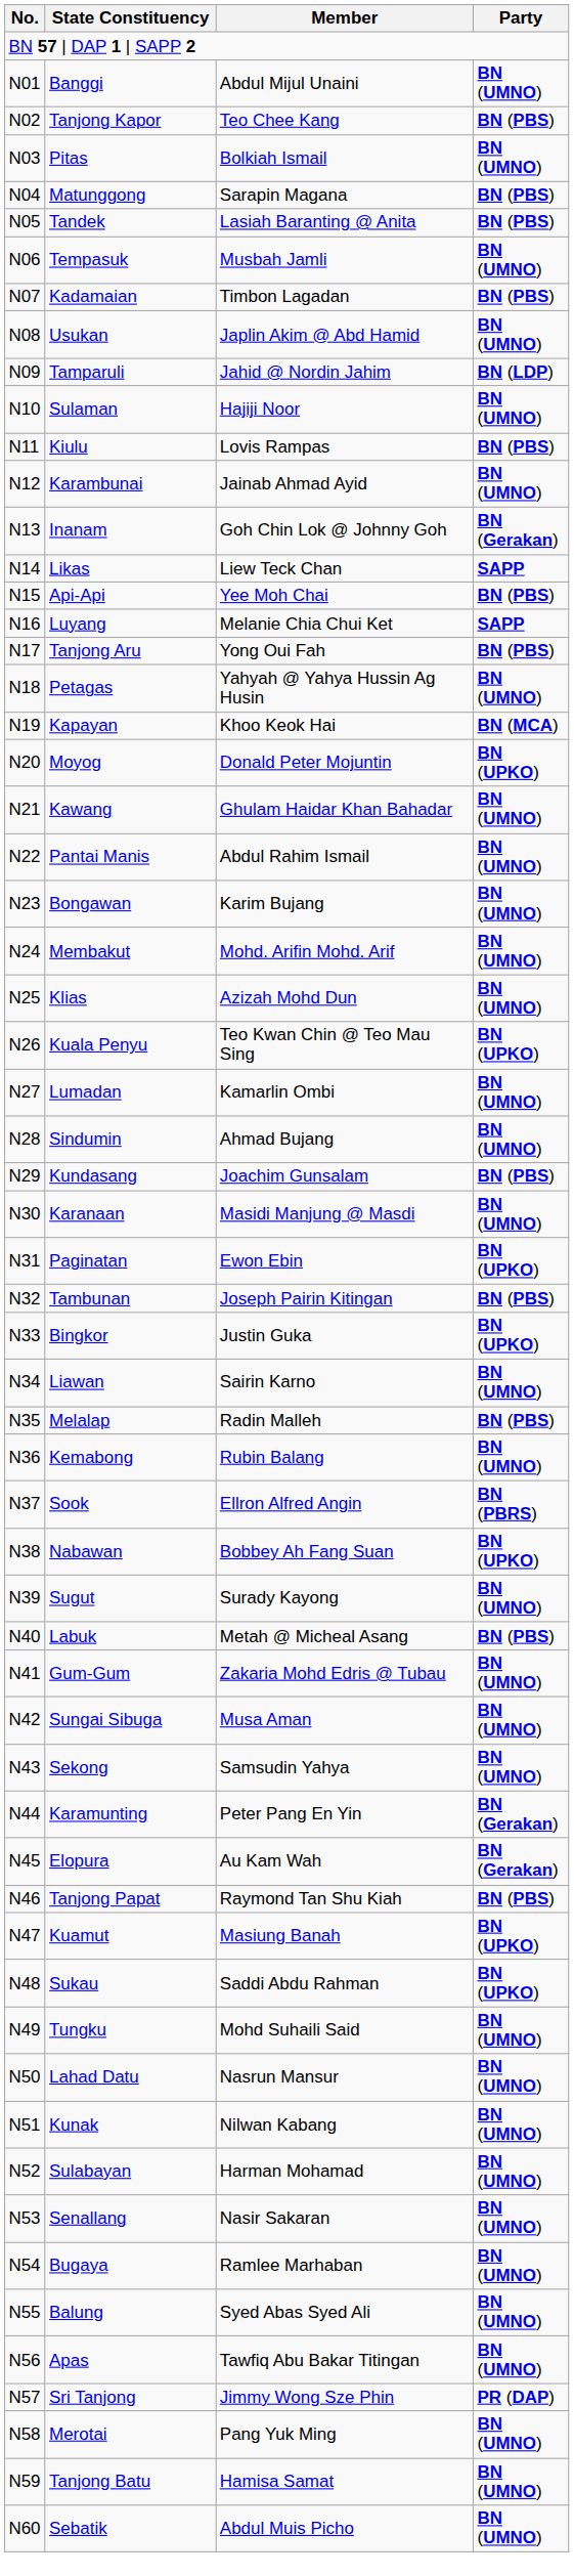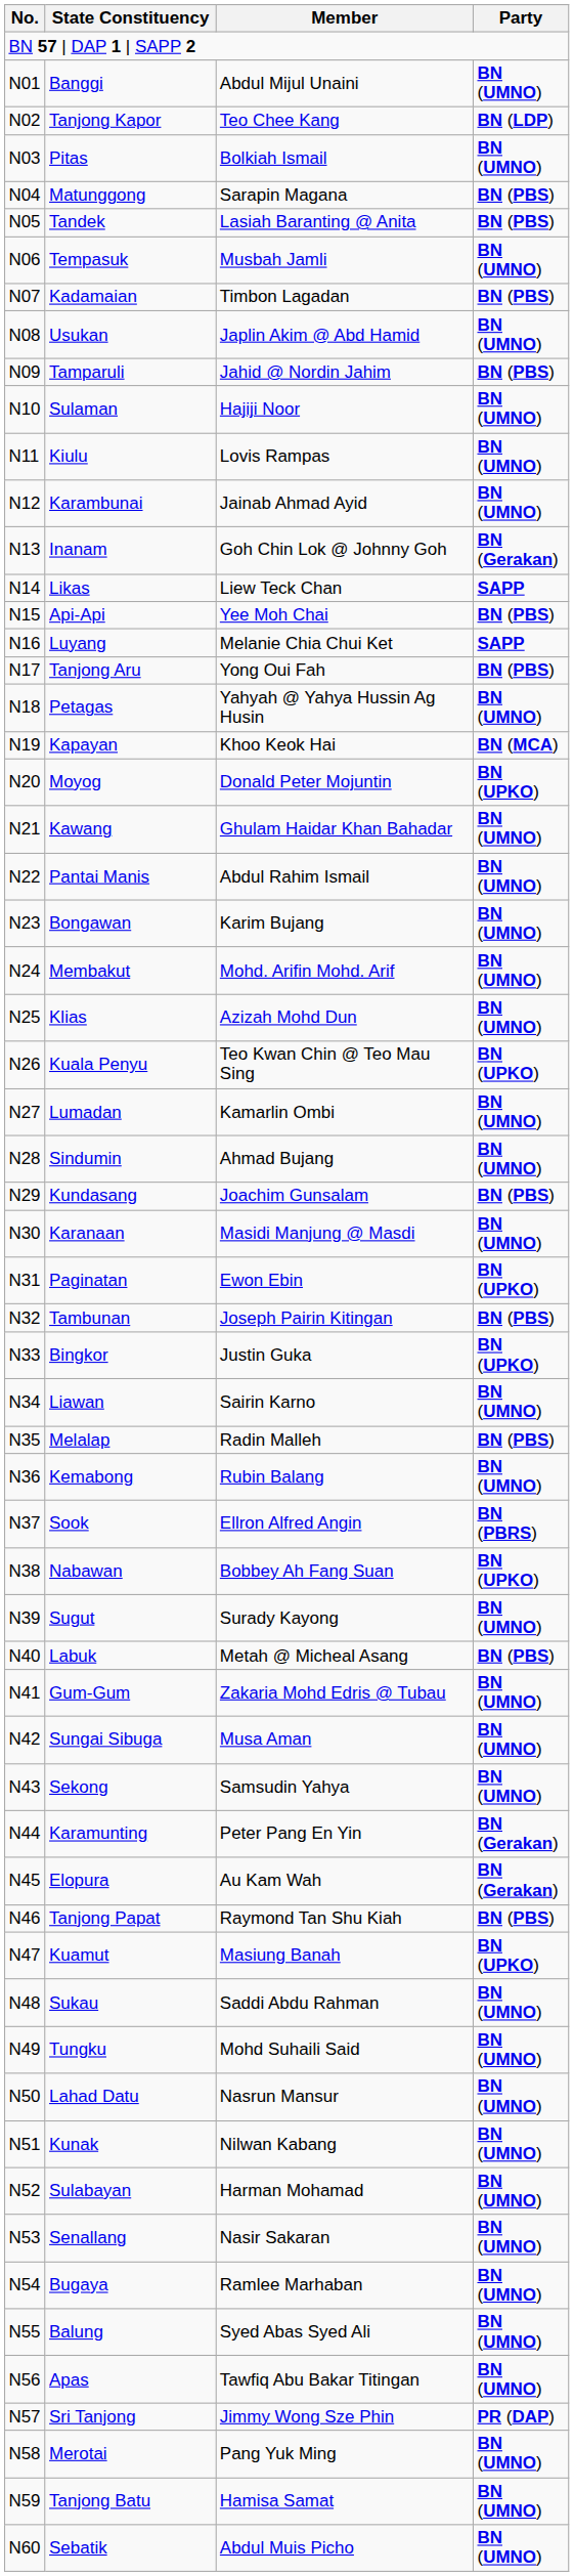 <table class="wikitable sortable">
 <tr>
 <th style="width:30px;">No.</th>
 <th style="width:150px;">State Constituency</th>
 <th style="width:230px;">Member</th>
 <th style="width:80px;">Party</th>
 </tr>
 <tr>
 <td colspan="4"><a href='#'>BN</a> <strong>57</strong> | <a href='#'>DAP</a> <strong>1</strong> | <a href='#'>SAPP</a> <strong>2</strong></td>
 </tr>
 <tr>
 <td>N01</td>
 <td><a href='#'>Banggi</a></td>
 <td>Abdul Mijul Unaini</td>
 <td><strong><a href='#'>BN</a></strong> (<strong><a href='#'>UMNO</a></strong>)</td>
 </tr>
 <tr>
 <td>N02</td>
 <td><a href='#'>Tanjong Kapor</a></td>
 <td><a href='#'>Teo Chee Kang</a></td>
-<td><strong><a href='#'>BN</a></strong> (<strong><a href='#'>PBS</a></strong>)</td>
+<td><strong><a href='#'>BN</a></strong> (<strong><a href='#'>LDP</a></strong>)</td>
 </tr>
 <tr>
 <td>N03</td>
 <td><a href='#'>Pitas</a></td>
 <td><a href='#'>Bolkiah Ismail</a></td>
 <td><strong><a href='#'>BN</a></strong> (<strong><a href='#'>UMNO</a></strong>)</td>
 </tr>
 <tr>
 <td>N04</td>
 <td><a href='#'>Matunggong</a></td>
 <td>Sarapin Magana</td>
 <td><strong><a href='#'>BN</a></strong> (<strong><a href='#'>PBS</a></strong>)</td>
 </tr>
 <tr>
 <td>N05</td>
 <td><a href='#'>Tandek</a></td>
 <td><a href='#'>Lasiah Baranting @ Anita</a></td>
 <td><strong><a href='#'>BN</a></strong> (<strong><a href='#'>PBS</a></strong>)</td>
 </tr>
 <tr>
 <td>N06</td>
 <td><a href='#'>Tempasuk</a></td>
 <td><a href='#'>Musbah Jamli</a></td>
 <td><strong><a href='#'>BN</a></strong> (<strong><a href='#'>UMNO</a></strong>)</td>
 </tr>
 <tr>
 <td>N07</td>
 <td><a href='#'>Kadamaian</a></td>
 <td>Timbon Lagadan</td>
 <td><strong><a href='#'>BN</a></strong> (<strong><a href='#'>PBS</a></strong>)</td>
 </tr>
 <tr>
 <td>N08</td>
 <td><a href='#'>Usukan</a></td>
 <td><a href='#'>Japlin Akim @ Abd Hamid</a></td>
 <td><strong><a href='#'>BN</a></strong> (<strong><a href='#'>UMNO</a></strong>)</td>
 </tr>
 <tr>
 <td>N09</td>
 <td><a href='#'>Tamparuli</a></td>
 <td><a href='#'>Jahid @ Nordin Jahim</a></td>
-<td><strong><a href='#'>BN</a></strong> (<strong><a href='#'>LDP</a></strong>)</td>
+<td><strong><a href='#'>BN</a></strong> (<strong><a href='#'>PBS</a></strong>)</td>
 </tr>
 <tr>
 <td>N10</td>
 <td><a href='#'>Sulaman</a></td>
 <td><a href='#'>Hajiji Noor</a></td>
 <td><strong><a href='#'>BN</a></strong> (<strong><a href='#'>UMNO</a></strong>)</td>
 </tr>
 <tr>
 <td>N11</td>
 <td><a href='#'>Kiulu</a></td>
 <td>Lovis Rampas</td>
-<td><strong><a href='#'>BN</a></strong> (<strong><a href='#'>PBS</a></strong>)</td>
+<td><strong><a href='#'>BN</a></strong> (<strong><a href='#'>UMNO</a></strong>)</td>
 </tr>
 <tr>
 <td>N12</td>
 <td><a href='#'>Karambunai</a></td>
 <td>Jainab Ahmad Ayid</td>
 <td><strong><a href='#'>BN</a></strong> (<strong><a href='#'>UMNO</a></strong>)</td>
 </tr>
 <tr>
 <td>N13</td>
 <td><a href='#'>Inanam</a></td>
 <td>Goh Chin Lok @ Johnny Goh</td>
 <td><strong><a href='#'>BN</a></strong> (<strong><a href='#'>Gerakan</a></strong>)</td>
 </tr>
 <tr>
 <td>N14</td>
 <td><a href='#'>Likas</a></td>
 <td>Liew Teck Chan</td>
 <td><strong><a href='#'>SAPP</a></strong></td>
 </tr>
 <tr>
 <td>N15</td>
 <td><a href='#'>Api-Api</a></td>
 <td><a href='#'>Yee Moh Chai</a></td>
 <td><strong><a href='#'>BN</a></strong> (<strong><a href='#'>PBS</a></strong>)</td>
 </tr>
 <tr>
 <td>N16</td>
 <td><a href='#'>Luyang</a></td>
 <td>Melanie Chia Chui Ket</td>
 <td><strong><a href='#'>SAPP</a></strong></td>
 </tr>
 <tr>
 <td>N17</td>
 <td><a href='#'>Tanjong Aru</a></td>
 <td>Yong Oui Fah</td>
 <td><strong><a href='#'>BN</a></strong> (<strong><a href='#'>PBS</a></strong>)</td>
 </tr>
 <tr>
 <td>N18</td>
 <td><a href='#'>Petagas</a></td>
 <td>Yahyah @ Yahya Hussin Ag Husin</td>
 <td><strong><a href='#'>BN</a></strong> (<strong><a href='#'>UMNO</a></strong>)</td>
 </tr>
 <tr>
 <td>N19</td>
 <td><a href='#'>Kapayan</a></td>
 <td>Khoo Keok Hai</td>
 <td><strong><a href='#'>BN</a></strong> (<strong><a href='#'>MCA</a></strong>)</td>
 </tr>
 <tr>
 <td>N20</td>
 <td><a href='#'>Moyog</a></td>
 <td><a href='#'>Donald Peter Mojuntin</a></td>
 <td><strong><a href='#'>BN</a></strong> (<strong><a href='#'>UPKO</a></strong>)</td>
 </tr>
 <tr>
 <td>N21</td>
 <td><a href='#'>Kawang</a></td>
 <td><a href='#'>Ghulam Haidar Khan Bahadar</a></td>
 <td><strong><a href='#'>BN</a></strong> (<strong><a href='#'>UMNO</a></strong>)</td>
 </tr>
 <tr>
 <td>N22</td>
 <td><a href='#'>Pantai Manis</a></td>
 <td>Abdul Rahim Ismail</td>
 <td><strong><a href='#'>BN</a></strong> (<strong><a href='#'>UMNO</a></strong>)</td>
 </tr>
 <tr>
 <td>N23</td>
 <td><a href='#'>Bongawan</a></td>
 <td>Karim Bujang</td>
 <td><strong><a href='#'>BN</a></strong> (<strong><a href='#'>UMNO</a></strong>)</td>
 </tr>
 <tr>
 <td>N24</td>
 <td><a href='#'>Membakut</a></td>
 <td><a href='#'>Mohd. Arifin Mohd. Arif</a></td>
 <td><strong><a href='#'>BN</a></strong> (<strong><a href='#'>UMNO</a></strong>)</td>
 </tr>
 <tr>
 <td>N25</td>
 <td><a href='#'>Klias</a></td>
 <td><a href='#'>Azizah Mohd Dun</a></td>
 <td><strong><a href='#'>BN</a></strong> (<strong><a href='#'>UMNO</a></strong>)</td>
 </tr>
 <tr>
 <td>N26</td>
 <td><a href='#'>Kuala Penyu</a></td>
 <td>Teo Kwan Chin @ Teo Mau Sing</td>
 <td><strong><a href='#'>BN</a></strong> (<strong><a href='#'>UPKO</a></strong>)</td>
 </tr>
 <tr>
 <td>N27</td>
 <td><a href='#'>Lumadan</a></td>
 <td>Kamarlin Ombi</td>
 <td><strong><a href='#'>BN</a></strong> (<strong><a href='#'>UMNO</a></strong>)</td>
 </tr>
 <tr>
 <td>N28</td>
 <td><a href='#'>Sindumin</a></td>
 <td>Ahmad Bujang</td>
 <td><strong><a href='#'>BN</a></strong> (<strong><a href='#'>UMNO</a></strong>)</td>
 </tr>
 <tr>
 <td>N29</td>
 <td><a href='#'>Kundasang</a></td>
 <td><a href='#'>Joachim Gunsalam</a></td>
 <td><strong><a href='#'>BN</a></strong> (<strong><a href='#'>PBS</a></strong>)</td>
 </tr>
 <tr>
 <td>N30</td>
 <td><a href='#'>Karanaan</a></td>
 <td><a href='#'> Masidi Manjung @ Masdi</a></td>
 <td><strong><a href='#'>BN</a></strong> (<strong><a href='#'>UMNO</a></strong>)</td>
 </tr>
 <tr>
 <td>N31</td>
 <td><a href='#'>Paginatan</a></td>
 <td><a href='#'>Ewon Ebin</a></td>
 <td><strong><a href='#'>BN</a></strong> (<strong><a href='#'>UPKO</a></strong>)</td>
 </tr>
 <tr>
 <td>N32</td>
 <td><a href='#'>Tambunan</a></td>
 <td><a href='#'>Joseph Pairin Kitingan</a></td>
 <td><strong><a href='#'>BN</a></strong> (<strong><a href='#'>PBS</a></strong>)</td>
 </tr>
 <tr>
 <td>N33</td>
 <td><a href='#'>Bingkor</a></td>
 <td>Justin Guka</td>
 <td><strong><a href='#'>BN</a></strong> (<strong><a href='#'>UPKO</a></strong>)</td>
 </tr>
 <tr>
 <td>N34</td>
 <td><a href='#'>Liawan</a></td>
 <td>Sairin Karno</td>
 <td><strong><a href='#'>BN</a></strong> (<strong><a href='#'>UMNO</a></strong>)</td>
 </tr>
 <tr>
 <td>N35</td>
 <td><a href='#'>Melalap</a></td>
 <td>Radin Malleh</td>
 <td><strong><a href='#'>BN</a></strong> (<strong><a href='#'>PBS</a></strong>)</td>
 </tr>
 <tr>
 <td>N36</td>
 <td><a href='#'>Kemabong</a></td>
 <td><a href='#'>Rubin Balang</a></td>
 <td><strong><a href='#'>BN</a></strong> (<strong><a href='#'>UMNO</a></strong>)</td>
 </tr>
 <tr>
 <td>N37</td>
 <td><a href='#'>Sook</a></td>
 <td><a href='#'>Ellron Alfred Angin</a></td>
 <td><strong><a href='#'>BN</a></strong> (<strong><a href='#'>PBRS</a></strong>)</td>
 </tr>
 <tr>
 <td>N38</td>
 <td><a href='#'>Nabawan</a></td>
 <td><a href='#'>Bobbey Ah Fang Suan</a></td>
 <td><strong><a href='#'>BN</a></strong> (<strong><a href='#'>UPKO</a></strong>)</td>
 </tr>
 <tr>
 <td>N39</td>
 <td><a href='#'>Sugut</a></td>
 <td>Surady Kayong</td>
 <td><strong><a href='#'>BN</a></strong> (<strong><a href='#'>UMNO</a></strong>)</td>
 </tr>
 <tr>
 <td>N40</td>
 <td><a href='#'>Labuk</a></td>
 <td>Metah @ Micheal Asang</td>
 <td><strong><a href='#'>BN</a></strong> (<strong><a href='#'>PBS</a></strong>)</td>
 </tr>
 <tr>
 <td>N41</td>
 <td><a href='#'>Gum-Gum</a></td>
 <td><a href='#'>Zakaria Mohd Edris @ Tubau</a></td>
 <td><strong><a href='#'>BN</a></strong> (<strong><a href='#'>UMNO</a></strong>)</td>
 </tr>
 <tr>
 <td>N42</td>
 <td><a href='#'>Sungai Sibuga</a></td>
 <td><a href='#'>Musa Aman</a></td>
 <td><strong><a href='#'>BN</a></strong> (<strong><a href='#'>UMNO</a></strong>)</td>
 </tr>
 <tr>
 <td>N43</td>
 <td><a href='#'>Sekong</a></td>
 <td>Samsudin Yahya</td>
 <td><strong><a href='#'>BN</a></strong> (<strong><a href='#'>UMNO</a></strong>)</td>
 </tr>
 <tr>
 <td>N44</td>
 <td><a href='#'>Karamunting</a></td>
 <td>Peter Pang En Yin</td>
 <td><strong><a href='#'>BN</a></strong> (<strong><a href='#'>Gerakan</a></strong>)</td>
 </tr>
 <tr>
 <td>N45</td>
 <td><a href='#'>Elopura</a></td>
 <td>Au Kam Wah</td>
 <td><strong><a href='#'>BN</a></strong> (<strong><a href='#'>Gerakan</a></strong>)</td>
 </tr>
 <tr>
 <td>N46</td>
 <td><a href='#'>Tanjong Papat</a></td>
 <td>Raymond Tan Shu Kiah</td>
 <td><strong><a href='#'>BN</a></strong> (<strong><a href='#'>PBS</a></strong>)</td>
 </tr>
 <tr>
 <td>N47</td>
 <td><a href='#'>Kuamut</a></td>
 <td><a href='#'>Masiung Banah</a></td>
 <td><strong><a href='#'>BN</a></strong> (<strong><a href='#'>UPKO</a></strong>)</td>
 </tr>
 <tr>
 <td>N48</td>
 <td><a href='#'>Sukau</a></td>
 <td>Saddi Abdu Rahman</td>
-<td><strong><a href='#'>BN</a></strong> (<strong><a href='#'>UPKO</a></strong>)</td>
+<td><strong><a href='#'>BN</a></strong> (<strong><a href='#'>UMNO</a></strong>)</td>
 </tr>
 <tr>
 <td>N49</td>
 <td><a href='#'>Tungku</a></td>
 <td>Mohd Suhaili Said</td>
 <td><strong><a href='#'>BN</a></strong> (<strong><a href='#'>UMNO</a></strong>)</td>
 </tr>
 <tr>
 <td>N50</td>
 <td><a href='#'>Lahad Datu</a></td>
 <td>Nasrun Mansur</td>
 <td><strong><a href='#'>BN</a></strong> (<strong><a href='#'>UMNO</a></strong>)</td>
 </tr>
 <tr>
 <td>N51</td>
 <td><a href='#'>Kunak</a></td>
 <td>Nilwan Kabang</td>
 <td><strong><a href='#'>BN</a></strong> (<strong><a href='#'>UMNO</a></strong>)</td>
 </tr>
 <tr>
 <td>N52</td>
 <td><a href='#'>Sulabayan</a></td>
 <td>Harman Mohamad</td>
 <td><strong><a href='#'>BN</a></strong> (<strong><a href='#'>UMNO</a></strong>)</td>
 </tr>
 <tr>
 <td>N53</td>
 <td><a href='#'>Senallang</a></td>
 <td>Nasir Sakaran</td>
 <td><strong><a href='#'>BN</a></strong> (<strong><a href='#'>UMNO</a></strong>)</td>
 </tr>
 <tr>
 <td>N54</td>
 <td><a href='#'>Bugaya</a></td>
 <td>Ramlee Marhaban</td>
 <td><strong><a href='#'>BN</a></strong> (<strong><a href='#'>UMNO</a></strong>)</td>
 </tr>
 <tr>
 <td>N55</td>
 <td><a href='#'>Balung</a></td>
 <td>Syed Abas Syed Ali</td>
 <td><strong><a href='#'>BN</a></strong> (<strong><a href='#'>UMNO</a></strong>)</td>
 </tr>
 <tr>
 <td>N56</td>
 <td><a href='#'>Apas</a></td>
 <td>Tawfiq Abu Bakar Titingan</td>
 <td><strong><a href='#'>BN</a></strong> (<strong><a href='#'>UMNO</a></strong>)</td>
 </tr>
 <tr>
 <td>N57</td>
 <td><a href='#'>Sri Tanjong</a></td>
 <td><a href='#'>Jimmy Wong Sze Phin</a></td>
 <td><strong><a href='#'>PR</a></strong> (<strong><a href='#'>DAP</a></strong>)</td>
 </tr>
 <tr>
 <td>N58</td>
 <td><a href='#'>Merotai</a></td>
 <td>Pang Yuk Ming</td>
 <td><strong><a href='#'>BN</a></strong> (<strong><a href='#'>UMNO</a></strong>)</td>
 </tr>
 <tr>
 <td>N59</td>
 <td><a href='#'>Tanjong Batu</a></td>
 <td><a href='#'>Hamisa Samat</a></td>
 <td><strong><a href='#'>BN</a></strong> (<strong><a href='#'>UMNO</a></strong>)</td>
 </tr>
 <tr>
 <td>N60</td>
 <td><a href='#'>Sebatik</a></td>
 <td><a href='#'>Abdul Muis Picho</a></td>
 <td><strong><a href='#'>BN</a></strong> (<strong><a href='#'>UMNO</a></strong>)</td>
 </tr>
 </table>
